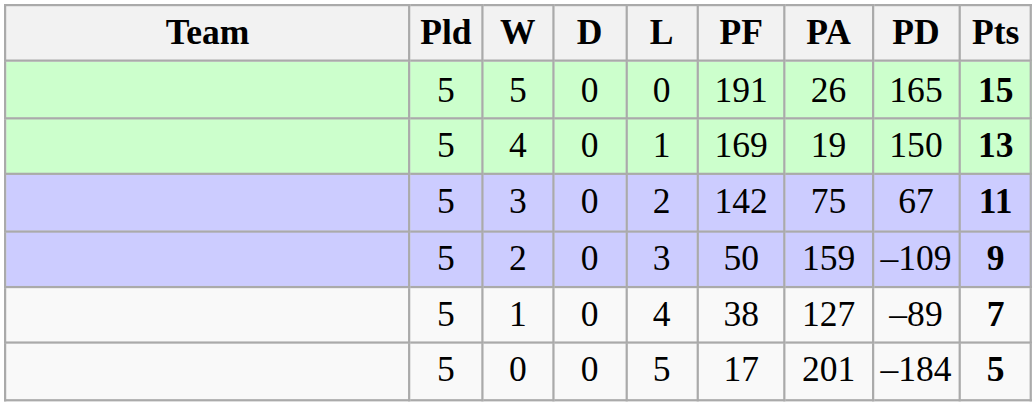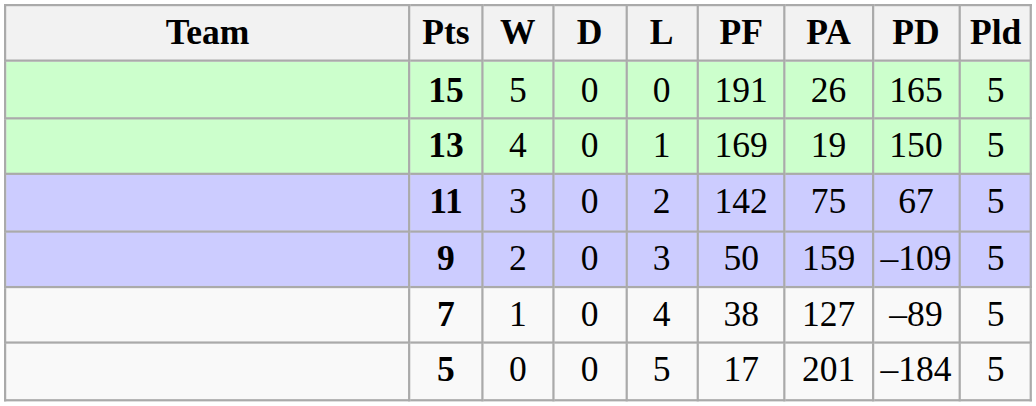 <table class="wikitable" style="text-align:center;">
 <tr>
 <th width="175">Team</th>
-<th width="25" abbr="Played">Pld</th>
+<th width="25" abbr="Points">Pts</th>
 <th width="25" abbr="Won">W</th>
 <th width="25" abbr="Drawn">D</th>
 <th width="25" abbr="Lost">L</th>
 <th width="32" abbr="Points for">PF</th>
 <th width="32" abbr="Points against">PA</th>
 <th width="32" abbr="Points difference">PD</th>
-<th width="25" abbr="Points">Pts</th>
+<th width="25" abbr="Played">Pld</th>
 </tr>
 <tr bgcolor="ccffcc">
 <td align="left"></td>
-<td>5</td>
+<td><strong>15</strong></td>
 <td>5</td>
 <td>0</td>
 <td>0</td>
 <td>191</td>
 <td>26</td>
 <td>165</td>
-<td><strong>15</strong></td>
+<td>5</td>
 </tr>
 <tr bgcolor="ccffcc">
 <td align="left"></td>
-<td>5</td>
+<td><strong>13</strong></td>
 <td>4</td>
 <td>0</td>
 <td>1</td>
 <td>169</td>
 <td>19</td>
 <td>150</td>
-<td><strong>13</strong></td>
+<td>5</td>
 </tr>
 <tr bgcolor="ccccff">
 <td align="left"></td>
-<td>5</td>
+<td><strong>11</strong></td>
 <td>3</td>
 <td>0</td>
 <td>2</td>
 <td>142</td>
 <td>75</td>
 <td>67</td>
-<td><strong>11</strong></td>
+<td>5</td>
 </tr>
 <tr bgcolor="ccccff">
 <td align="left"></td>
-<td>5</td>
+<td><strong>9</strong></td>
 <td>2</td>
 <td>0</td>
 <td>3</td>
 <td>50</td>
 <td>159</td>
 <td>–109</td>
-<td><strong>9</strong></td>
+<td>5</td>
 </tr>
 <tr>
 <td align="left"></td>
-<td>5</td>
+<td><strong>7</strong></td>
 <td>1</td>
 <td>0</td>
 <td>4</td>
 <td>38</td>
 <td>127</td>
 <td>–89</td>
-<td><strong>7</strong></td>
+<td>5</td>
 </tr>
 <tr>
 <td align="left"></td>
-<td>5</td>
+<td><strong>5</strong></td>
 <td>0</td>
 <td>0</td>
 <td>5</td>
 <td>17</td>
 <td>201</td>
 <td>–184</td>
-<td><strong>5</strong></td>
+<td>5</td>
 </tr>
 </table>
